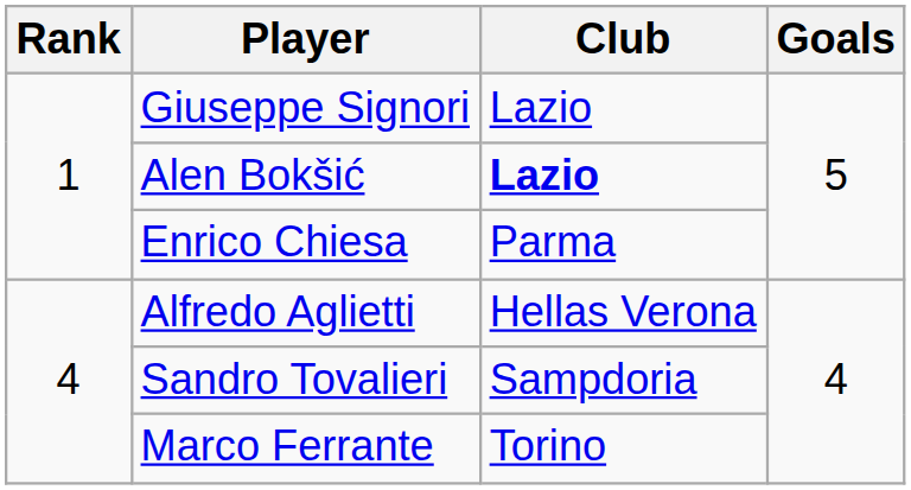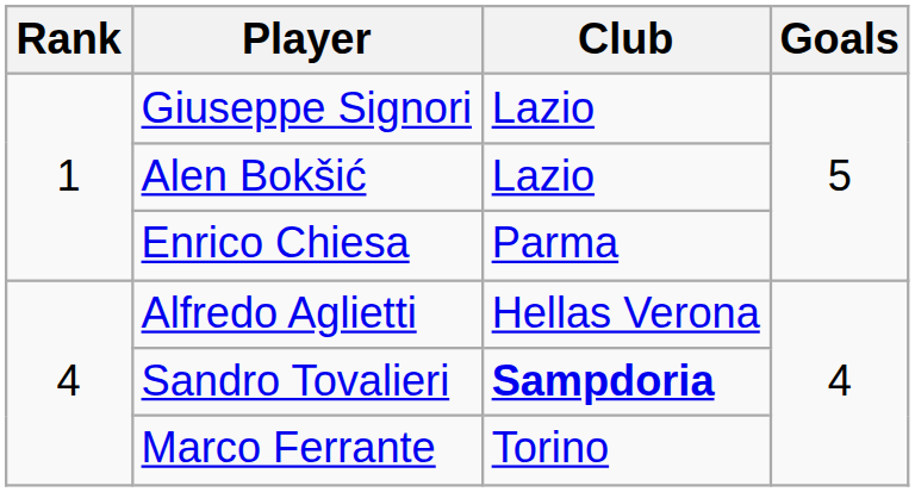 <table class="wikitable sortable" style="text-align:center">
 <tr>
 <th>Rank</th>
 <th>Player</th>
 <th>Club</th>
 <th>Goals</th>
 </tr>
 <tr>
 <td rowspan="3">1</td>
 <td align="left"><strong></strong> <a href='#'>Giuseppe Signori</a></td>
 <td align="left"><a href='#'>Lazio</a></td>
 <td rowspan="3">5</td>
 </tr>
 <tr>
 <td align="left"><strong></strong> <a href='#'>Alen Bokšić</a></td>
-<td align="left"><strong><a href='#'>Lazio</a></strong></td>
+<td align="left"><a href='#'>Lazio</a></td>
 </tr>
 <tr>
 <td align="left"><strong></strong> <a href='#'>Enrico Chiesa</a></td>
 <td align="left"><a href='#'>Parma</a></td>
 </tr>
 <tr>
 <td rowspan="3">4</td>
 <td align="left"><strong></strong> <a href='#'>Alfredo Aglietti</a></td>
 <td align="left"><a href='#'>Hellas Verona</a></td>
 <td rowspan="3">4</td>
 </tr>
 <tr>
 <td align="left"><strong></strong> <a href='#'>Sandro Tovalieri</a></td>
-<td align="left"><a href='#'>Sampdoria</a></td>
+<td align="left"><strong><a href='#'>Sampdoria</a></strong></td>
 </tr>
 <tr>
 <td align="left"><strong></strong> <a href='#'>Marco Ferrante</a></td>
 <td align="left"><a href='#'>Torino</a></td>
 </tr>
 </table>
